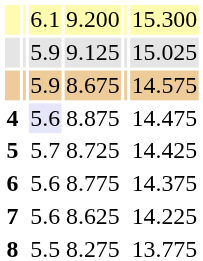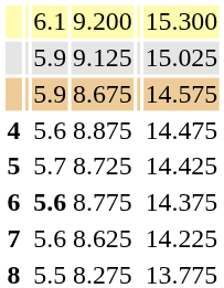 <table>
 <tr style="background:#fffcaf;">
 <td></td>
 <td align=left></td>
 <td>6.1</td>
 <td>9.200</td>
 <td></td>
 <td>15.300</td>
 </tr>
 <tr style="background:#e5e5e5;">
 <td></td>
 <td align=left></td>
 <td>5.9</td>
 <td>9.125</td>
 <td></td>
 <td>15.025</td>
 </tr>
 <tr style="background:#ec9;">
 <td></td>
 <td align=left></td>
 <td>5.9</td>
 <td>8.675</td>
 <td></td>
 <td>14.575</td>
 </tr>
 <tr>
 <th><strong>4</strong></th>
 <td align=left></td>
-<td style="background: lavender;">5.6</td>
+<td>5.6</td>
 <td>8.875</td>
 <td></td>
 <td>14.475</td>
 </tr>
 <tr>
 <th><strong>5</strong></th>
 <td align=left></td>
 <td>5.7</td>
 <td>8.725</td>
 <td></td>
 <td>14.425</td>
 </tr>
 <tr>
 <th><strong>6</strong></th>
 <td align=left></td>
-<td>5.6</td>
+<td><strong>5.6</strong></td>
 <td>8.775</td>
 <td></td>
 <td>14.375</td>
 </tr>
 <tr>
 <th><strong>7</strong></th>
 <td align=left></td>
 <td>5.6</td>
 <td>8.625</td>
 <td></td>
 <td>14.225</td>
 </tr>
 <tr>
 <th><strong>8</strong></th>
 <td align=left></td>
 <td>5.5</td>
 <td>8.275</td>
 <td></td>
 <td>13.775</td>
 </tr>
 </table>
